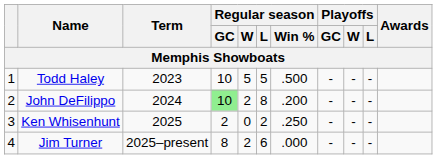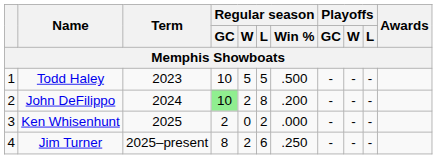 <table class="wikitable" style="text-align:center">
 <tr>
 <th rowspan="2"></th>
 <th rowspan="2">Name</th>
 <th rowspan="2">Term</th>
 <th colspan="4">Regular season</th>
 <th colspan="3">Playoffs</th>
 <th rowspan="2">Awards</th>
 </tr>
 <tr>
 <th>GC</th>
 <th>W</th>
 <th>L</th>
 <th>Win %</th>
 <th>GC</th>
 <th>W</th>
 <th>L</th>
 </tr>
 <tr>
 <th colspan="11">Memphis Showboats</th>
 </tr>
 <tr>
 <td>1</td>
 <td><a href='#'>Todd Haley</a></td>
 <td>2023</td>
 <td>10</td>
 <td>5</td>
 <td>5</td>
 <td>.500</td>
 <td>-</td>
 <td>-</td>
 <td>-</td>
 <td></td>
 </tr>
 <tr>
 <td>2</td>
 <td><a href='#'>John DeFilippo</a></td>
 <td>2024</td>
 <td style="background: lightgreen;">10</td>
 <td>2</td>
 <td>8</td>
 <td>.200</td>
 <td>-</td>
 <td>-</td>
 <td>-</td>
 <td></td>
 </tr>
 <tr>
 <td>3</td>
 <td><a href='#'>Ken Whisenhunt</a></td>
 <td>2025</td>
 <td>2</td>
 <td>0</td>
 <td>2</td>
-<td>.250</td>
+<td>.000</td>
 <td>-</td>
 <td>-</td>
 <td>-</td>
 <td></td>
 </tr>
 <tr>
 <td>4</td>
 <td><a href='#'>Jim Turner</a></td>
 <td>2025–present</td>
 <td>8</td>
 <td>2</td>
 <td>6</td>
-<td>.000</td>
+<td>.250</td>
 <td>-</td>
 <td>-</td>
 <td>-</td>
 <td></td>
 </tr>
 </table>
